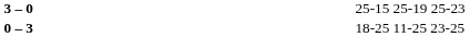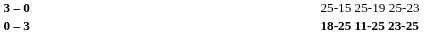 <table style="width:100%;" cellspacing="1">
 <tr>
 <th width=20%></th>
 <th width=12%></th>
 <th width=20%></th>
 <th width=33%></th>
 <td></td>
 </tr>
 <tr style=font-size:90%>
 <td align=right><strong></strong></td>
 <td align=center><strong>3 – 0</strong></td>
 <td></td>
 <td>25-15 25-19 25-23</td>
 <td></td>
 </tr>
 <tr style=font-size:90%>
 <td align=right></td>
 <td align=center><strong>0 – 3</strong></td>
 <td><strong></strong></td>
-<td>18-25 11-25 23-25</td>
+<td><strong>18-25 11-25 23-25</strong></td>
 </tr>
 </table>
